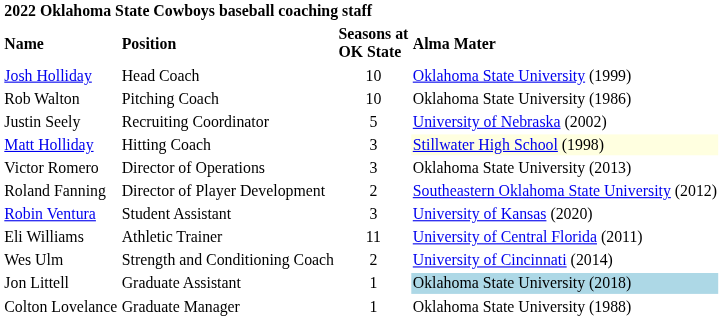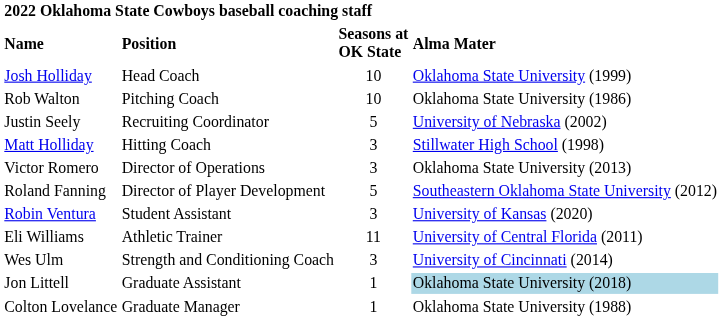 <table class="toccolours" style="text-align: left; font-size:90%;">
 <tr>
 <th colspan="4">2022 Oklahoma State Cowboys baseball coaching staff</th>
 </tr>
 <tr>
 <th>Name</th>
 <th>Position</th>
 <th>Seasons at<br>OK State</th>
 <th>Alma Mater</th>
 </tr>
 <tr>
 <td><a href='#'>Josh Holliday</a></td>
 <td>Head Coach</td>
 <td align=center>10</td>
 <td><a href='#'>Oklahoma State University</a> (1999)</td>
 </tr>
 <tr>
 <td>Rob Walton</td>
 <td>Pitching Coach</td>
 <td align=center>10</td>
 <td>Oklahoma State University (1986)</td>
 </tr>
 <tr>
 <td>Justin Seely</td>
 <td>Recruiting Coordinator</td>
 <td align=center>5</td>
 <td><a href='#'>University of Nebraska</a> (2002)</td>
 </tr>
 <tr>
 <td><a href='#'>Matt Holliday</a></td>
 <td>Hitting Coach</td>
 <td align=center>3</td>
-<td style="background: lightyellow;"><a href='#'>Stillwater High School</a> (1998)</td>
+<td><a href='#'>Stillwater High School</a> (1998)</td>
 </tr>
 <tr>
 <td>Victor Romero</td>
 <td>Director of Operations</td>
 <td align=center>3</td>
 <td>Oklahoma State University (2013)</td>
 </tr>
 <tr>
 <td>Roland Fanning</td>
 <td>Director of Player Development</td>
-<td align=center>2</td>
+<td align=center>5</td>
 <td><a href='#'>Southeastern Oklahoma State University</a> (2012)</td>
 </tr>
 <tr>
 <td><a href='#'>Robin Ventura</a></td>
 <td>Student Assistant</td>
 <td align=center>3</td>
 <td><a href='#'>University of Kansas</a> (2020)</td>
 </tr>
 <tr>
 <td>Eli Williams</td>
 <td>Athletic Trainer</td>
 <td align=center>11</td>
 <td><a href='#'>University of Central Florida</a> (2011)</td>
 </tr>
 <tr>
 <td>Wes Ulm</td>
 <td>Strength and Conditioning Coach</td>
-<td align=center>2</td>
+<td align=center>3</td>
 <td><a href='#'>University of Cincinnati</a> (2014)</td>
 </tr>
 <tr>
 <td>Jon Littell</td>
 <td>Graduate Assistant</td>
 <td align=center>1</td>
 <td style="background: lightblue;">Oklahoma State University (2018)</td>
 </tr>
 <tr>
 <td>Colton Lovelance</td>
 <td>Graduate Manager</td>
 <td align=center>1</td>
 <td>Oklahoma State University (1988)</td>
 </tr>
 </table>
